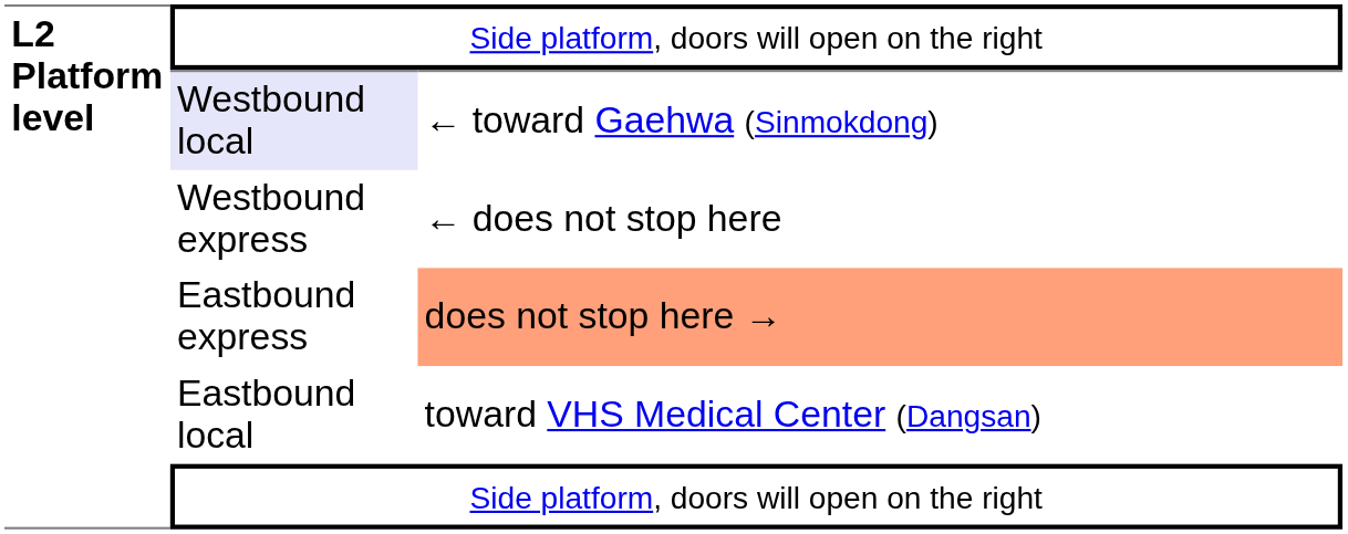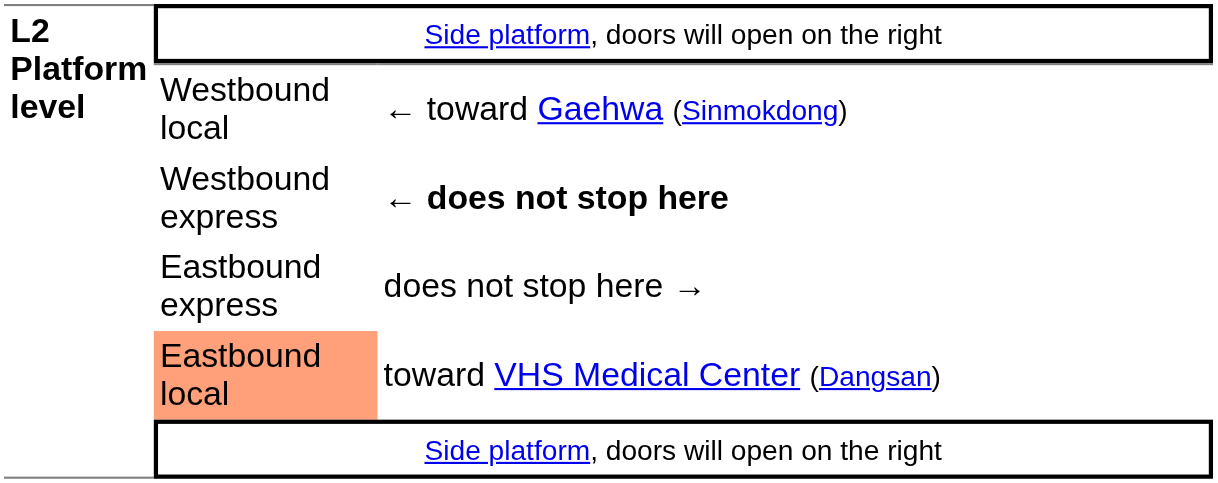 <table table border=0 cellspacing=0 cellpadding=3>
 <tr>
 <td style="border-top:solid 1px gray;border-bottom:solid 1px gray;" width=50 rowspan=10 valign=top><strong>L2<br>Platform level</strong></td>
 <td style="border-top:solid 2px black;border-right:solid 2px black;border-left:solid 2px black;border-bottom:solid 2px black;text-align:center;" colspan=2><small><a href='#'>Side platform</a>, doors will open on the right </small></td>
 </tr>
 <tr>
-<td style="background: lavender; border-bottom:solid 0px gray;border-top:solid 1px gray;" width=100>Westbound local</td>
+<td style="border-bottom:solid 0px gray;border-top:solid 1px gray;" width=100>Westbound local</td>
 <td style="border-bottom:solid 0px gray;border-top:solid 1px gray;" width=390>←  toward <a href='#'>Gaehwa</a> <small>(<a href='#'>Sinmokdong</a>)</small></td>
 </tr>
 <tr>
 <td>Westbound express</td>
-<td>← <span> does not stop here</span></td>
+<td><strong>← <span> does not stop here</span></strong></td>
 </tr>
 <tr>
 <td>Eastbound express</td>
-<td style="background: lightsalmon;">  does not stop here →</td>
+<td>  does not stop here →</td>
 </tr>
 <tr>
-<td>Eastbound local</td>
+<td style="background: lightsalmon;">Eastbound local</td>
 <td>  toward <a href='#'>VHS Medical Center</a> <small>(<a href='#'>Dangsan</a>)</small></td>
 </tr>
 <tr>
 <td style="border-top:solid 2px black;border-right:solid 2px black;border-left:solid 2px black;border-bottom:solid 2px black;text-align:center;" colspan=2><small><a href='#'>Side platform</a>, doors will open on the right </small></td>
 </tr>
 </table>
